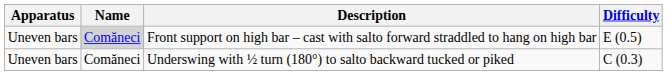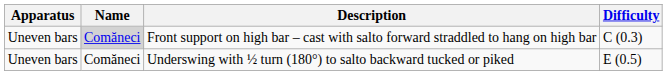 <table class="wikitable">
 <tr>
 <th>Apparatus</th>
 <th>Name</th>
 <th>Description</th>
 <th><a href='#'>Difficulty</a></th>
 </tr>
 <tr>
 <td>Uneven bars</td>
 <td style="background: lightgrey;"><a href='#'>Comăneci</a></td>
 <td>Front support on high bar – cast with salto forward straddled to hang on high bar</td>
-<td>E (0.5)</td>
+<td>C (0.3)</td>
 </tr>
 <tr>
 <td>Uneven bars</td>
 <td>Comăneci</td>
 <td>Underswing with ½ turn (180°) to salto backward tucked or piked</td>
-<td>C (0.3)</td>
+<td>E (0.5)</td>
 </tr>
 </table>
